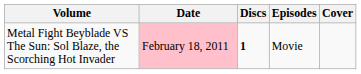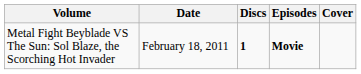 <table class="wikitable">
 <tr>
 <th style="width:175px">Volume</th>
 <th style="width:125px">Date</th>
 <th>Discs</th>
 <th>Episodes</th>
 <th>Cover</th>
 </tr>
 <tr>
 <td>Metal Fight Beyblade VS The Sun: Sol Blaze, the Scorching Hot Invader</td>
-<td style="background: pink;">February 18, 2011</td>
+<td>February 18, 2011</td>
 <td><strong>1</strong></td>
-<td>Movie</td>
+<td><strong>Movie</strong></td>
 </tr>
 </table>
